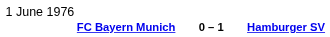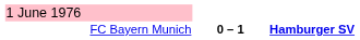 <table width=100% cellspacing=1>
 <tr>
 <th width=25%></th>
 <th width=10%></th>
 <th width=25%></th>
 <th></th>
 </tr>
 <tr>
-<td>1 June 1976</td>
+<td style="background: pink;">1 June 1976</td>
 </tr>
 <tr style=font-size:90%>
-<td align=right><strong><a href='#'>FC Bayern Munich</a></strong></td>
+<td align=right><a href='#'>FC Bayern Munich</a></td>
 <td align=center><strong>0 – 1</strong></td>
 <td><strong><a href='#'>Hamburger SV</a></strong></td>
 </tr>
 </table>
